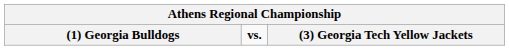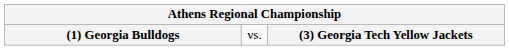 <table class="wikitable">
 <tr>
 <th style="width: 604px;" colspan=3>Athens Regional Championship</th>
 </tr>
 <tr>
 <th style="width: 289px; ">(1) Georgia Bulldogs</th>
-<td style="width: 25px; text-align:center"><strong>vs.</strong></td>
+<td style="width: 25px; text-align:center">vs.</td>
 <th style="width: 289px; ">(3) Georgia Tech Yellow Jackets</th>
 </tr>
 </table>
